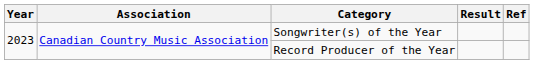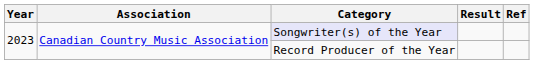 <table class="wikitable">
 <tr>
 <th>Year</th>
 <th>Association</th>
 <th>Category</th>
 <th>Result</th>
 <th>Ref</th>
 </tr>
 <tr>
 <td rowspan="2">2023</td>
 <td rowspan="2"><a href='#'>Canadian Country Music Association</a></td>
-<td>Songwriter(s) of the Year</td>
+<td style="background: lavender;">Songwriter(s) of the Year</td>
 <td></td>
 <td></td>
 </tr>
 <tr>
 <td>Record Producer of the Year</td>
 <td></td>
 <td></td>
 </tr>
 </table>
